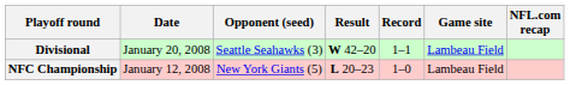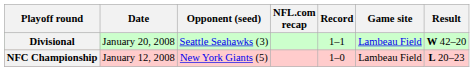 <table class="wikitable" style="text-align:center">
 <tr>
 <th>Playoff round</th>
 <th>Date</th>
 <th>Opponent (seed)</th>
-<th>Result</th>
+<th>NFL.com<br>recap</th>
 <th>Record</th>
 <th>Game site</th>
-<th>NFL.com<br>recap</th>
+<th>Result</th>
 </tr>
 <tr bgcolor=ccffcc>
 <th>Divisional</th>
 <td>January 20, 2008</td>
 <td><a href='#'>Seattle Seahawks</a> (3)</td>
-<td><strong>W</strong> 42–20</td>
+<td></td>
 <td>1–1</td>
 <td><a href='#'>Lambeau Field</a></td>
-<td></td>
+<td><strong>W</strong> 42–20</td>
 </tr>
 <tr bgcolor=ffcccc>
 <th>NFC Championship</th>
 <td>January 12, 2008</td>
 <td><a href='#'>New York Giants</a> (5)</td>
-<td><strong>L</strong> 20–23 </td>
+<td></td>
 <td>1–0</td>
 <td>Lambeau Field</td>
-<td></td>
+<td><strong>L</strong> 20–23 </td>
 </tr>
 </table>
